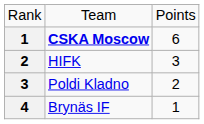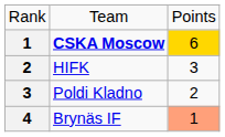 <table class="wikitable" style="text-align: center;">
 <tr>
 <td>Rank</td>
 <td>Team</td>
 <td>Points</td>
 </tr>
 <tr>
 <th>1</th>
 <td style="text-align: left;"> <strong><a href='#'>CSKA Moscow</a></strong></td>
-<td>6</td>
+<td style="background: gold;">6</td>
 </tr>
 <tr>
 <th>2</th>
 <td style="text-align: left;"> <a href='#'>HIFK</a></td>
 <td>3</td>
 </tr>
 <tr>
 <th>3</th>
 <td style="text-align: left;"> <a href='#'>Poldi Kladno</a></td>
 <td>2</td>
 </tr>
 <tr>
 <th>4</th>
 <td style="text-align: left;"> <a href='#'>Brynäs IF</a></td>
-<td>1</td>
+<td style="background: lightsalmon;">1</td>
 </tr>
 </table>
